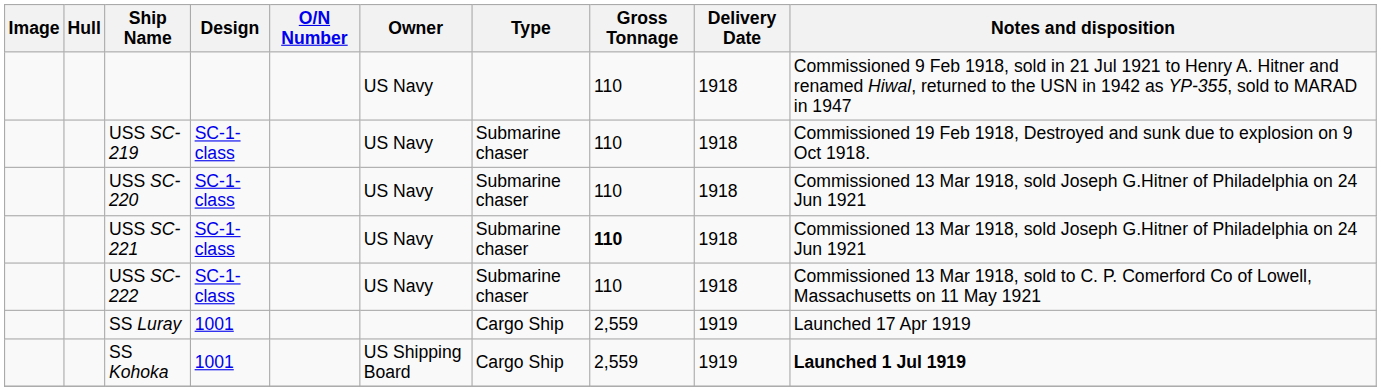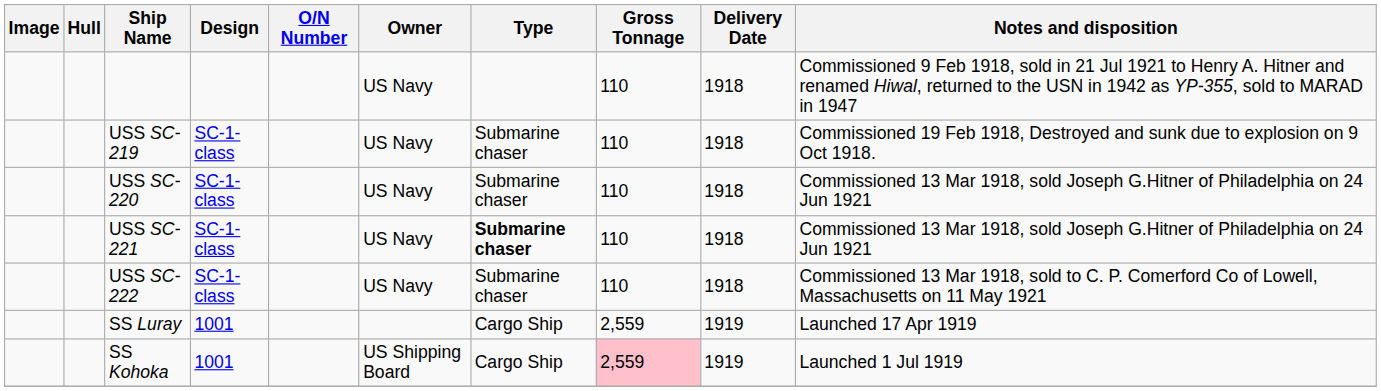 <table class="wikitable" border="1">
 <tr>
 <th>Image</th>
 <th>Hull</th>
 <th>Ship Name</th>
 <th>Design</th>
 <th><a href='#'>O/N Number</a></th>
 <th>Owner</th>
 <th>Type</th>
 <th>Gross Tonnage</th>
 <th>Delivery Date</th>
 <th>Notes and disposition</th>
 </tr>
 <tr>
 <td></td>
 <td></td>
 <td></td>
 <td></td>
 <td></td>
 <td>US Navy</td>
 <td></td>
 <td>110</td>
 <td>1918</td>
 <td>Commissioned 9 Feb 1918, sold in 21 Jul 1921 to Henry A. Hitner and renamed <em>Hiwal</em>, returned to the USN in 1942 as <em>YP-355</em>, sold to MARAD in 1947</td>
 </tr>
 <tr>
 <td></td>
 <td></td>
 <td>USS <em>SC-219</em></td>
 <td><a href='#'>SC-1-class</a></td>
 <td></td>
 <td>US Navy</td>
 <td>Submarine chaser</td>
 <td>110</td>
 <td>1918</td>
 <td>Commissioned 19 Feb 1918, Destroyed and sunk due to explosion on 9 Oct 1918.</td>
 </tr>
 <tr>
 <td></td>
 <td></td>
 <td>USS <em>SC-220</em></td>
 <td><a href='#'>SC-1-class</a></td>
 <td></td>
 <td>US Navy</td>
 <td>Submarine chaser</td>
 <td>110</td>
 <td>1918</td>
 <td>Commissioned 13 Mar 1918, sold Joseph G.Hitner of Philadelphia on 24 Jun 1921</td>
 </tr>
 <tr>
 <td></td>
 <td></td>
 <td>USS <em>SC-221</em></td>
 <td><a href='#'>SC-1-class</a></td>
 <td></td>
 <td>US Navy</td>
-<td>Submarine chaser</td>
-<td><strong>110</strong></td>
+<td><strong>Submarine chaser</strong></td>
+<td>110</td>
 <td>1918</td>
 <td>Commissioned 13 Mar 1918, sold Joseph G.Hitner of Philadelphia on 24 Jun 1921</td>
 </tr>
 <tr>
 <td></td>
 <td></td>
 <td>USS <em>SC-222</em></td>
 <td><a href='#'>SC-1-class</a></td>
 <td></td>
 <td>US Navy</td>
 <td>Submarine chaser</td>
 <td>110</td>
 <td>1918</td>
 <td>Commissioned 13 Mar 1918, sold to C. P. Comerford Co of Lowell, Massachusetts on 11 May 1921</td>
 </tr>
 <tr>
 <td></td>
 <td></td>
 <td>SS <em>Luray</em></td>
 <td><a href='#'>1001</a></td>
 <td></td>
 <td></td>
 <td>Cargo Ship</td>
 <td>2,559</td>
 <td>1919</td>
 <td>Launched 17 Apr 1919</td>
 </tr>
 <tr>
 <td></td>
 <td></td>
 <td>SS <em>Kohoka</em></td>
 <td><a href='#'>1001</a></td>
 <td></td>
 <td>US Shipping Board</td>
 <td>Cargo Ship</td>
-<td>2,559</td>
+<td style="background: pink;">2,559</td>
 <td>1919</td>
-<td><strong>Launched 1 Jul 1919</strong></td>
+<td>Launched 1 Jul 1919</td>
 </tr>
 <tr>
 </tr>
 </table>
